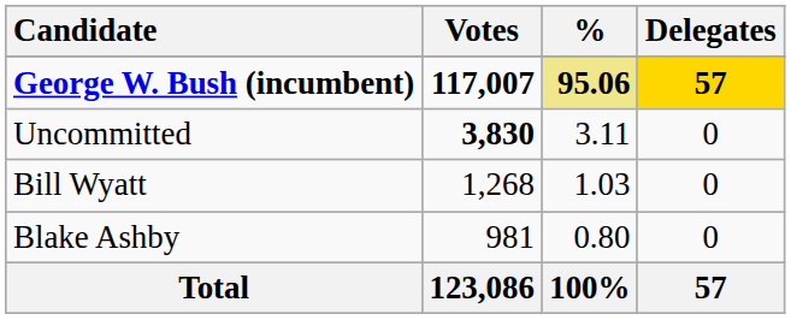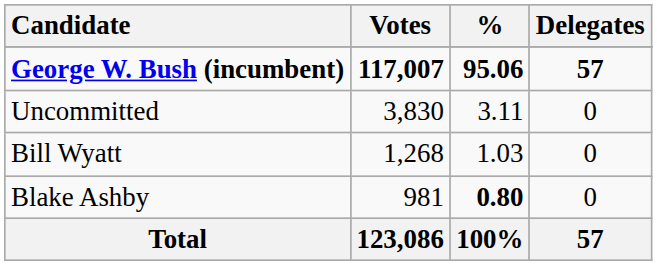 <table class="wikitable sortable plainrowheaders" style="text-align:right;">
 <tr>
 <th style="text-align:left;">Candidate</th>
 <th>Votes</th>
 <th>%</th>
 <th>Delegates</th>
 </tr>
 <tr>
 </tr>
 <tr>
 <td style="text-align:left;"><strong><a href='#'>George W. Bush</a></strong> <strong>(incumbent)</strong></td>
 <td><strong>117,007</strong></td>
-<td style="background: khaki;"><strong>95.06</strong></td>
-<td style="background: gold; text-align:center;"><strong>57</strong></td>
+<td><strong>95.06</strong></td>
+<td style="text-align:center;"><strong>57</strong></td>
 </tr>
 <tr>
 <td style="text-align:left;">Uncommitted</td>
-<td><strong>3,830</strong></td>
+<td>3,830</td>
 <td>3.11</td>
 <td style="text-align:center;">0</td>
 </tr>
 <tr>
 <td style="text-align:left;">Bill Wyatt</td>
 <td>1,268</td>
 <td>1.03</td>
 <td style="text-align:center;">0</td>
 </tr>
 <tr>
 <td style="text-align:left;">Blake Ashby</td>
 <td>981</td>
-<td>0.80</td>
+<td><strong>0.80</strong></td>
 <td style="text-align:center;">0</td>
 </tr>
 <tr class="sortbottom">
 <th>Total</th>
 <th>123,086</th>
 <th>100%</th>
 <th>57</th>
 </tr>
 </table>
